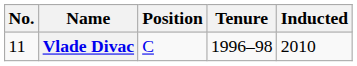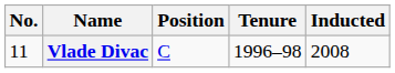 <table class="wikitable">
 <tr>
 <th scope="col">No.</th>
 <th scope="col">Name</th>
 <th scope="col">Position</th>
 <th scope="col">Tenure</th>
 <th scope="col">Inducted</th>
 </tr>
 <tr>
 <td>11</td>
 <th scope="row"><a href='#'>Vlade Divac</a></th>
 <td><a href='#'>C</a></td>
 <td>1996–98</td>
-<td>2010</td>
+<td>2008</td>
 </tr>
 </table>
